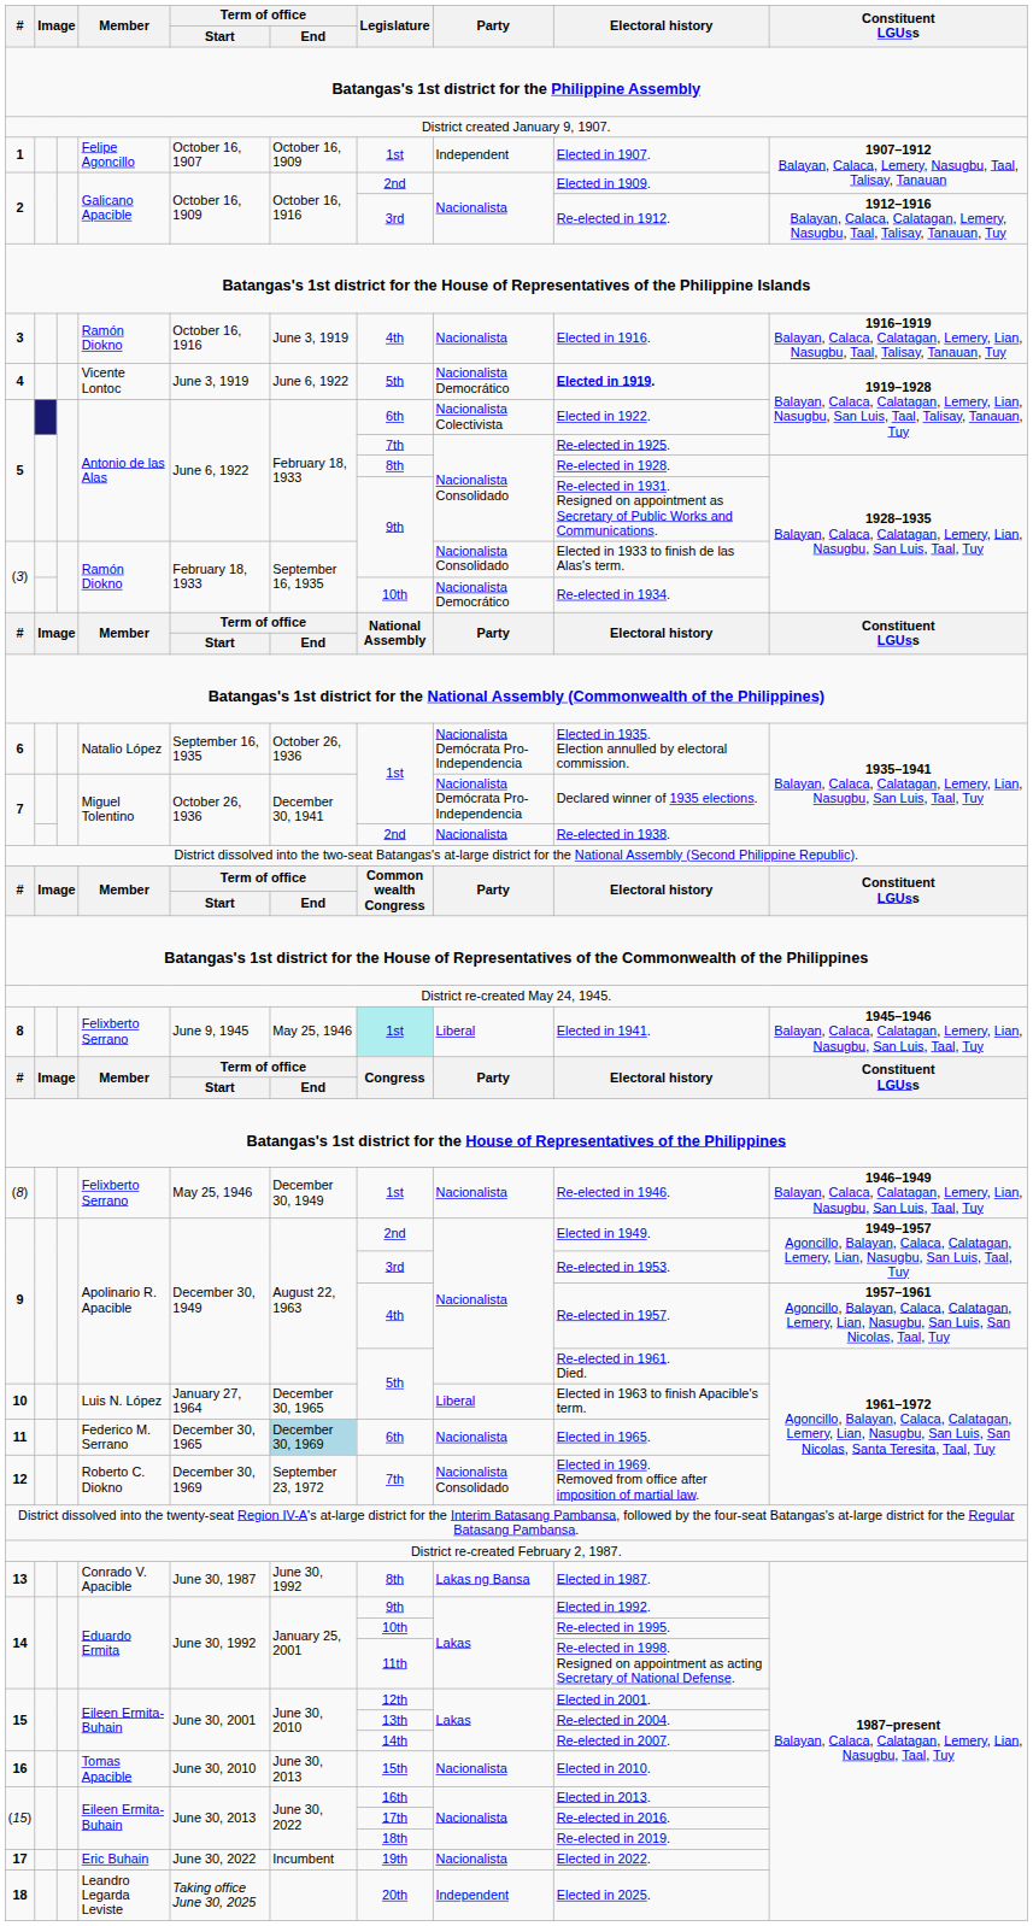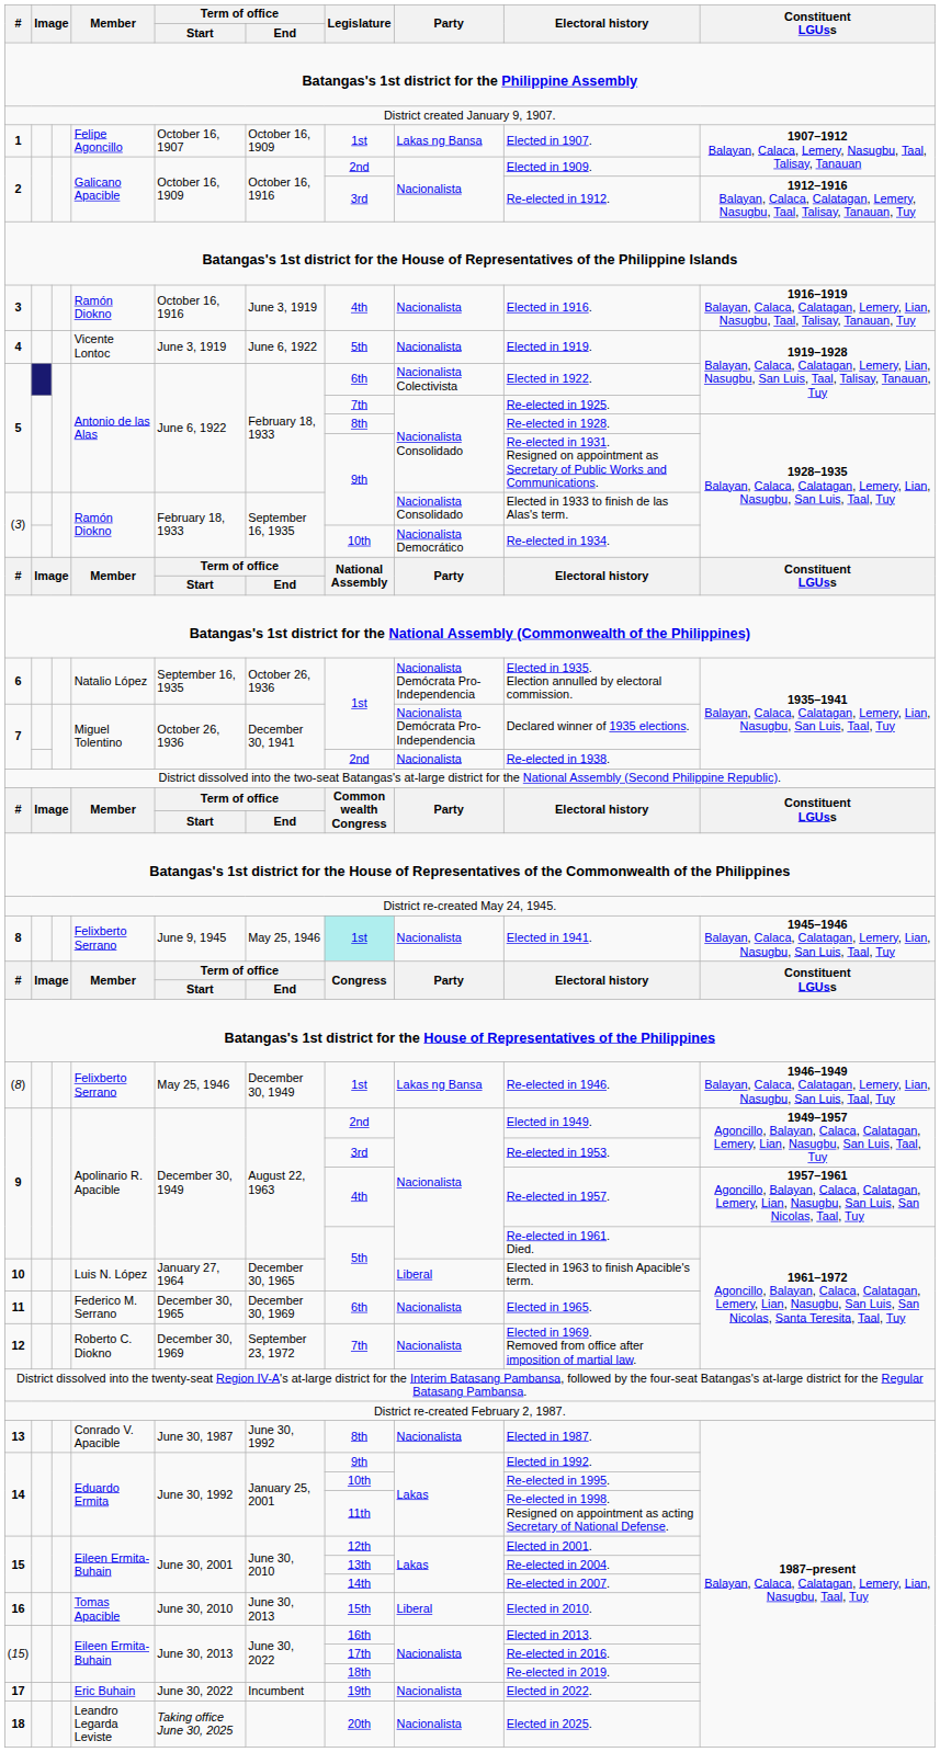 <table class=wikitable>
 <tr>
 <th rowspan="2">#</th>
 <th rowspan="2" colspan=2>Image</th>
 <th rowspan="2">Member</th>
 <th colspan=2>Term of office</th>
 <th rowspan="2">Legislature</th>
 <th rowspan="2">Party</th>
 <th rowspan="2">Electoral history</th>
 <th rowspan="2">Constituent<br><a href='#'>LGUs</a>s</th>
 </tr>
 <tr>
 <th>Start</th>
 <th>End</th>
 </tr>
 <tr>
 <td colspan="10" style="text-align:center;"><br><h3>Batangas's 1st district for the <a href='#'>Philippine Assembly</a></h3></td>
 </tr>
 <tr>
 <td colspan="10" align=center>District created January 9, 1907.</td>
 </tr>
 <tr>
 <td style="text-align:center;"><strong>1</strong></td>
 <td style="color:inherit;background:"></td>
 <td></td>
 <td><a href='#'>Felipe Agoncillo</a></td>
 <td>October 16, 1907</td>
 <td>October 16, 1909</td>
 <td style="text-align:center;"><a href='#'>1st</a></td>
-<td>Independent</td>
+<td><a href='#'>Lakas ng Bansa</a></td>
 <td><a href='#'>Elected in 1907</a>.</td>
 <td rowspan="2" style="text-align:center;"><strong>1907–1912</strong><br><a href='#'>Balayan</a>, <a href='#'>Calaca</a>, <a href='#'>Lemery</a>, <a href='#'>Nasugbu</a>, <a href='#'>Taal</a>, <a href='#'>Talisay</a>, <a href='#'>Tanauan</a></td>
 </tr>
 <tr>
 <td rowspan="2" style="text-align:center;"><strong>2</strong></td>
 <td rowspan="2" style="color:inherit;background:"></td>
 <td rowspan="2"></td>
 <td rowspan="2"><a href='#'>Galicano Apacible</a></td>
 <td rowspan="2">October 16, 1909</td>
 <td rowspan="2">October 16, 1916</td>
 <td style="text-align:center;"><a href='#'>2nd</a></td>
 <td rowspan="2"><a href='#'>Nacionalista</a></td>
 <td><a href='#'>Elected in 1909</a>.</td>
 </tr>
 <tr>
 <td style="text-align:center;"><a href='#'>3rd</a></td>
 <td><a href='#'>Re-elected in 1912</a>.</td>
 <td style="text-align:center;"><strong>1912–1916</strong><br><a href='#'>Balayan</a>, <a href='#'>Calaca</a>, <a href='#'>Calatagan</a>, <a href='#'>Lemery</a>, <a href='#'>Nasugbu</a>, <a href='#'>Taal</a>, <a href='#'>Talisay</a>, <a href='#'>Tanauan</a>, <a href='#'>Tuy</a></td>
 </tr>
 <tr>
 <td colspan="10" style="text-align:center;"><br><h3>Batangas's 1st district for the House of Representatives of the Philippine Islands</h3></td>
 </tr>
 <tr>
 <td style="text-align:center;"><strong>3</strong></td>
 <td style="color:inherit;background:"></td>
 <td></td>
 <td><a href='#'>Ramón Diokno</a></td>
 <td>October 16, 1916</td>
 <td>June 3, 1919</td>
 <td style="text-align:center;"><a href='#'>4th</a></td>
 <td><a href='#'>Nacionalista</a></td>
 <td><a href='#'>Elected in 1916</a>.</td>
 <td style="text-align:center;"><strong>1916–1919</strong><br><a href='#'>Balayan</a>, <a href='#'>Calaca</a>, <a href='#'>Calatagan</a>, <a href='#'>Lemery</a>, <a href='#'>Lian</a>, <a href='#'>Nasugbu</a>, <a href='#'>Taal</a>, <a href='#'>Talisay</a>, <a href='#'>Tanauan</a>, <a href='#'>Tuy</a></td>
 </tr>
 <tr>
 <td style="text-align:center;"><strong>4</strong></td>
 <td style="color:inherit;background:"></td>
 <td></td>
 <td>Vicente Lontoc</td>
 <td>June 3, 1919</td>
 <td>June 6, 1922</td>
 <td style="text-align:center;"><a href='#'>5th</a></td>
-<td><a href='#'>Nacionalista</a><br>Democrático</td>
-<td><strong><a href='#'>Elected in 1919</a>.</strong></td>
+<td><a href='#'>Nacionalista</a></td>
+<td><a href='#'>Elected in 1919</a>.</td>
 <td rowspan="3" style="text-align:center;"><strong>1919–1928</strong><br><a href='#'>Balayan</a>, <a href='#'>Calaca</a>, <a href='#'>Calatagan</a>, <a href='#'>Lemery</a>, <a href='#'>Lian</a>, <a href='#'>Nasugbu</a>, <a href='#'>San Luis</a>, <a href='#'>Taal</a>, <a href='#'>Talisay</a>, <a href='#'>Tanauan</a>, <a href='#'>Tuy</a></td>
 </tr>
 <tr>
 <td rowspan="4" style="text-align:center;"><strong>5</strong></td>
 <td style="background-color:#191970"></td>
 <td rowspan="4"></td>
 <td rowspan="4"><a href='#'>Antonio de las Alas</a></td>
 <td rowspan="4">June 6, 1922</td>
 <td rowspan="4">February 18, 1933</td>
 <td style="text-align:center;"><a href='#'>6th</a></td>
 <td><a href='#'>Nacionalista</a><br>Colectivista</td>
 <td><a href='#'>Elected in 1922</a>.</td>
 </tr>
 <tr>
 <td rowspan="3" style="color:inherit;background:"></td>
 <td style="text-align:center;"><a href='#'>7th</a></td>
 <td rowspan="3"><a href='#'>Nacionalista</a><br>Consolidado</td>
 <td><a href='#'>Re-elected in 1925</a>.</td>
 </tr>
 <tr>
 <td style="text-align:center;"><a href='#'>8th</a></td>
 <td><a href='#'>Re-elected in 1928</a>.</td>
 <td rowspan="4" style="text-align:center;"><strong>1928–1935</strong><br><a href='#'>Balayan</a>, <a href='#'>Calaca</a>, <a href='#'>Calatagan</a>, <a href='#'>Lemery</a>, <a href='#'>Lian</a>, <a href='#'>Nasugbu</a>, <a href='#'>San Luis</a>, <a href='#'>Taal</a>, <a href='#'>Tuy</a></td>
 </tr>
 <tr>
 <td rowspan="2" style="text-align:center;"><a href='#'>9th</a></td>
 <td><a href='#'>Re-elected in 1931</a>.<br>Resigned on appointment as <a href='#'>Secretary of Public Works and Communications</a>.</td>
 </tr>
 <tr>
 <td rowspan="2" style="text-align:center;">(<em>3</em>)</td>
 <td style="color:inherit;background:"></td>
 <td rowspan="2"></td>
 <td rowspan="2"><a href='#'>Ramón Diokno</a></td>
 <td rowspan="2">February 18, 1933</td>
 <td rowspan="2">September 16, 1935</td>
 <td><a href='#'>Nacionalista</a><br>Consolidado</td>
 <td>Elected in 1933 to finish de las Alas's term.</td>
 </tr>
 <tr>
 <td style="color:inherit;background:"></td>
 <td style="text-align:center;"><a href='#'>10th</a></td>
 <td><a href='#'>Nacionalista</a><br>Democrático</td>
 <td><a href='#'>Re-elected in 1934</a>.</td>
 </tr>
 <tr>
 <th rowspan="2">#</th>
 <th rowspan="2" colspan=2>Image</th>
 <th rowspan="2">Member</th>
 <th colspan=2>Term of office</th>
 <th rowspan="2">National<br>Assembly</th>
 <th rowspan="2">Party</th>
 <th rowspan="2">Electoral history</th>
 <th rowspan="2">Constituent<br><a href='#'>LGUs</a>s</th>
 </tr>
 <tr>
 <th>Start</th>
 <th>End</th>
 </tr>
 <tr>
 <td colspan="10" style="text-align:center;"><br><h3>Batangas's 1st district for the <a href='#'>National Assembly (Commonwealth of the Philippines)</a></h3></td>
 </tr>
 <tr>
 <td style="text-align:center;"><strong>6</strong></td>
 <td style="color:inherit;background:"></td>
 <td></td>
 <td>Natalio López</td>
 <td>September 16, 1935</td>
 <td>October 26, 1936</td>
 <td rowspan="2" style="text-align:center;"><a href='#'>1st</a></td>
 <td><a href='#'>Nacionalista</a><br>Demócrata Pro-Independencia</td>
 <td><a href='#'>Elected in 1935</a>.<br>Election annulled by electoral commission.</td>
 <td rowspan="3" style="text-align:center;"><strong>1935–1941</strong><br><a href='#'>Balayan</a>, <a href='#'>Calaca</a>, <a href='#'>Calatagan</a>, <a href='#'>Lemery</a>, <a href='#'>Lian</a>, <a href='#'>Nasugbu</a>, <a href='#'>San Luis</a>, <a href='#'>Taal</a>, <a href='#'>Tuy</a></td>
 </tr>
 <tr>
 <td rowspan="2" style="text-align:center;"><strong>7</strong></td>
 <td style="color:inherit;background:"></td>
 <td rowspan="2"></td>
 <td rowspan="2">Miguel Tolentino</td>
 <td rowspan="2">October 26, 1936</td>
 <td rowspan="2">December 30, 1941</td>
 <td><a href='#'>Nacionalista</a><br>Demócrata Pro-Independencia</td>
 <td>Declared winner of <a href='#'>1935 elections</a>.</td>
 </tr>
 <tr>
 <td style="color:inherit;background:"></td>
 <td style="text-align:center;"><a href='#'>2nd</a></td>
 <td><a href='#'>Nacionalista</a></td>
 <td><a href='#'>Re-elected in 1938</a>.</td>
 </tr>
 <tr>
 <td colspan="10" style="text-align:center;">District dissolved into the two-seat Batangas's at-large district for the <a href='#'>National Assembly (Second Philippine Republic)</a>.</td>
 </tr>
 <tr>
 <th rowspan="2">#</th>
 <th rowspan="2" colspan=2>Image</th>
 <th rowspan="2">Member</th>
 <th colspan=2>Term of office</th>
 <th rowspan="2">Common<br>wealth<br>Congress</th>
 <th rowspan="2">Party</th>
 <th rowspan="2">Electoral history</th>
 <th rowspan="2">Constituent<br><a href='#'>LGUs</a>s</th>
 </tr>
 <tr>
 <th>Start</th>
 <th>End</th>
 </tr>
 <tr>
 <td colspan="10" style="text-align:center;"><br><h3>Batangas's 1st district for the House of Representatives of the Commonwealth of the Philippines</h3></td>
 </tr>
 <tr>
 <td colspan="10" style="text-align:center;">District re-created May 24, 1945.</td>
 </tr>
 <tr>
 <td style="text-align:center;"><strong>8</strong></td>
 <td style="color:inherit;background:"></td>
 <td></td>
 <td><a href='#'>Felixberto Serrano</a></td>
 <td>June 9, 1945</td>
 <td>May 25, 1946</td>
 <td style="background: paleturquoise; text-align:center;"><a href='#'>1st</a></td>
-<td><a href='#'>Liberal</a></td>
+<td><a href='#'>Nacionalista</a></td>
 <td><a href='#'>Elected in 1941</a>.</td>
 <td style="text-align:center;"><strong>1945–1946</strong><br><a href='#'>Balayan</a>, <a href='#'>Calaca</a>, <a href='#'>Calatagan</a>, <a href='#'>Lemery</a>, <a href='#'>Lian</a>, <a href='#'>Nasugbu</a>, <a href='#'>San Luis</a>, <a href='#'>Taal</a>, <a href='#'>Tuy</a></td>
 </tr>
 <tr>
 <th rowspan="2">#</th>
 <th rowspan="2" colspan=2>Image</th>
 <th rowspan="2">Member</th>
 <th colspan=2>Term of office</th>
 <th rowspan="2">Congress</th>
 <th rowspan="2">Party</th>
 <th rowspan="2">Electoral history</th>
 <th rowspan="2">Constituent<br><a href='#'>LGUs</a>s</th>
 </tr>
 <tr>
 <th>Start</th>
 <th>End</th>
 </tr>
 <tr>
 <td colspan="10" style="text-align:center;"><br><h3>Batangas's 1st district for the <a href='#'>House of Representatives of the Philippines</a></h3></td>
 </tr>
 <tr>
 <td style="text-align:center;">(<em>8</em>)</td>
 <td style="color:inherit;background:"></td>
 <td></td>
 <td><a href='#'>Felixberto Serrano</a></td>
 <td>May 25, 1946</td>
 <td>December 30, 1949</td>
 <td style="text-align:center;"><a href='#'>1st</a></td>
-<td><a href='#'>Nacionalista</a></td>
+<td><a href='#'>Lakas ng Bansa</a></td>
 <td><a href='#'>Re-elected in 1946</a>.<br></td>
 <td style="text-align:center;"><strong>1946–1949</strong><br><a href='#'>Balayan</a>, <a href='#'>Calaca</a>, <a href='#'>Calatagan</a>, <a href='#'>Lemery</a>, <a href='#'>Lian</a>, <a href='#'>Nasugbu</a>, <a href='#'>San Luis</a>, <a href='#'>Taal</a>, <a href='#'>Tuy</a></td>
 </tr>
 <tr>
 <td rowspan="4" style="text-align:center;"><strong>9</strong></td>
 <td rowspan="4" style="color:inherit;background:"></td>
 <td rowspan="4"></td>
 <td rowspan="4">Apolinario R. Apacible</td>
 <td rowspan="4">December 30, 1949</td>
 <td rowspan="4">August 22, 1963</td>
 <td style="text-align:center;"><a href='#'>2nd</a></td>
 <td rowspan="4"><a href='#'>Nacionalista</a></td>
 <td><a href='#'>Elected in 1949</a>.</td>
 <td rowspan="2" style="text-align:center;"><strong>1949–1957</strong><br><a href='#'>Agoncillo</a>, <a href='#'>Balayan</a>, <a href='#'>Calaca</a>, <a href='#'>Calatagan</a>, <a href='#'>Lemery</a>, <a href='#'>Lian</a>, <a href='#'>Nasugbu</a>, <a href='#'>San Luis</a>, <a href='#'>Taal</a>, <a href='#'>Tuy</a></td>
 </tr>
 <tr>
 <td style="text-align:center;"><a href='#'>3rd</a></td>
 <td><a href='#'>Re-elected in 1953</a>.</td>
 </tr>
 <tr>
 <td style="text-align:center;"><a href='#'>4th</a></td>
 <td><a href='#'>Re-elected in 1957</a>.</td>
 <td style="text-align:center;"><strong>1957–1961</strong><br><a href='#'>Agoncillo</a>, <a href='#'>Balayan</a>, <a href='#'>Calaca</a>, <a href='#'>Calatagan</a>, <a href='#'>Lemery</a>, <a href='#'>Lian</a>, <a href='#'>Nasugbu</a>, <a href='#'>San Luis</a>, <a href='#'>San Nicolas</a>, <a href='#'>Taal</a>, <a href='#'>Tuy</a></td>
 </tr>
 <tr>
 <td rowspan="2" style="text-align:center;"><a href='#'>5th</a></td>
 <td><a href='#'>Re-elected in 1961</a>.<br>Died.</td>
 <td rowspan="4" style="text-align:center;"><strong>1961–1972</strong><br><a href='#'>Agoncillo</a>, <a href='#'>Balayan</a>, <a href='#'>Calaca</a>, <a href='#'>Calatagan</a>, <a href='#'>Lemery</a>, <a href='#'>Lian</a>, <a href='#'>Nasugbu</a>, <a href='#'>San Luis</a>, <a href='#'>San Nicolas</a>, <a href='#'>Santa Teresita</a>, <a href='#'>Taal</a>, <a href='#'>Tuy</a></td>
 </tr>
 <tr>
 <td style="text-align:center;"><strong>10</strong></td>
 <td style="color:inherit;background:"></td>
 <td></td>
 <td>Luis N. López</td>
 <td>January 27, 1964</td>
 <td>December 30, 1965</td>
 <td><a href='#'>Liberal</a></td>
 <td>Elected in 1963 to finish Apacible's term.</td>
 </tr>
 <tr>
 <td style="text-align:center;"><strong>11</strong></td>
 <td style="color:inherit;background:"></td>
 <td></td>
 <td>Federico M. Serrano</td>
 <td>December 30, 1965</td>
-<td style="background: lightblue;">December 30, 1969</td>
+<td>December 30, 1969</td>
 <td style="text-align:center;"><a href='#'>6th</a></td>
 <td><a href='#'>Nacionalista</a></td>
 <td><a href='#'>Elected in 1965</a>.</td>
 </tr>
 <tr>
 <td style="text-align:center;"><strong>12</strong></td>
 <td style="color:inherit;background:"></td>
 <td></td>
 <td>Roberto C. Diokno</td>
 <td>December 30, 1969</td>
 <td>September 23, 1972</td>
 <td style="text-align:center;"><a href='#'>7th</a></td>
-<td><a href='#'>Nacionalista</a><br>Consolidado</td>
+<td><a href='#'>Nacionalista</a></td>
 <td><a href='#'>Elected in 1969</a>.<br>Removed from office after <a href='#'>imposition of martial law</a>.</td>
 </tr>
 <tr>
 <td colspan="10" style="text-align:center;">District dissolved into the twenty-seat <a href='#'>Region IV-A</a>'s at-large district for the <a href='#'>Interim Batasang Pambansa</a>, followed by the four-seat Batangas's at-large district for the <a href='#'>Regular Batasang Pambansa</a>.</td>
 </tr>
 <tr>
 <td colspan="10" style="text-align:center;">District re-created February 2, 1987.</td>
 </tr>
 <tr>
 <td style="text-align:center;"><strong>13</strong></td>
 <td style="color:inherit;background:"></td>
 <td></td>
 <td>Conrado V. Apacible</td>
 <td>June 30, 1987</td>
 <td>June 30, 1992</td>
 <td style="text-align:center;"><a href='#'>8th</a></td>
-<td><a href='#'>Lakas ng Bansa</a></td>
+<td><a href='#'>Nacionalista</a></td>
 <td><a href='#'>Elected in 1987</a>.</td>
 <td rowspan="13" style="text-align:center;"><strong>1987–present</strong><br><a href='#'>Balayan</a>, <a href='#'>Calaca</a>, <a href='#'>Calatagan</a>, <a href='#'>Lemery</a>, <a href='#'>Lian</a>, <a href='#'>Nasugbu</a>, <a href='#'>Taal</a>, <a href='#'>Tuy</a></td>
 </tr>
 <tr>
 <td rowspan="3" style="text-align:center;"><strong>14</strong></td>
 <td rowspan="3" style="color:inherit;background:"></td>
 <td rowspan="3"></td>
 <td rowspan="3"><a href='#'>Eduardo Ermita</a></td>
 <td rowspan="3">June 30, 1992</td>
 <td rowspan="3">January 25, 2001</td>
 <td style="text-align:center;"><a href='#'>9th</a></td>
 <td rowspan="3"><a href='#'>Lakas</a></td>
 <td><a href='#'>Elected in 1992</a>.</td>
 </tr>
 <tr>
 <td style="text-align:center;"><a href='#'>10th</a></td>
 <td><a href='#'>Re-elected in 1995</a>.</td>
 </tr>
 <tr>
 <td style="text-align:center;"><a href='#'>11th</a></td>
 <td><a href='#'>Re-elected in 1998</a>.<br>Resigned on appointment as acting <a href='#'>Secretary of National Defense</a>.</td>
 </tr>
 <tr>
 <td rowspan="3" style="text-align:center;"><strong>15</strong></td>
 <td rowspan="3" style="color:inherit;background:"></td>
 <td rowspan="3"></td>
 <td rowspan="3"><a href='#'>Eileen Ermita-Buhain</a></td>
 <td rowspan="3">June 30, 2001</td>
 <td rowspan="3">June 30, 2010</td>
 <td style="text-align:center;"><a href='#'>12th</a></td>
 <td rowspan="3"><a href='#'>Lakas</a></td>
 <td><a href='#'>Elected in 2001</a>.</td>
 </tr>
 <tr>
 <td style="text-align:center;"><a href='#'>13th</a></td>
 <td><a href='#'>Re-elected in 2004</a>.</td>
 </tr>
 <tr>
 <td style="text-align:center;"><a href='#'>14th</a></td>
 <td><a href='#'>Re-elected in 2007</a>.</td>
 </tr>
 <tr>
 <td style="text-align:center;"><strong>16</strong></td>
 <td style="color:inherit;background:"></td>
 <td></td>
 <td><a href='#'>Tomas Apacible</a></td>
 <td>June 30, 2010</td>
 <td>June 30, 2013</td>
 <td style="text-align:center;"><a href='#'>15th</a></td>
-<td><a href='#'>Nacionalista</a></td>
+<td><a href='#'>Liberal</a></td>
 <td><a href='#'>Elected in 2010</a>.</td>
 </tr>
 <tr>
 <td rowspan="3" style="text-align:center;">(<em>15</em>)</td>
 <td rowspan="3" style="color:inherit;background:"></td>
 <td rowspan="3"></td>
 <td rowspan="3"><a href='#'>Eileen Ermita-Buhain</a></td>
 <td rowspan="3">June 30, 2013</td>
 <td rowspan="3">June 30, 2022</td>
 <td style="text-align:center;"><a href='#'>16th</a></td>
 <td rowspan="3"><a href='#'>Nacionalista</a></td>
 <td><a href='#'>Elected in 2013</a>.</td>
 </tr>
 <tr>
 <td style="text-align:center;"><a href='#'>17th</a></td>
 <td><a href='#'>Re-elected in 2016</a>.</td>
 </tr>
 <tr>
 <td style="text-align:center;"><a href='#'>18th</a></td>
 <td><a href='#'>Re-elected in 2019</a>.</td>
 </tr>
 <tr>
 <td style="text-align:center;"><strong>17</strong></td>
 <td style="color:inherit;background:"></td>
 <td></td>
 <td><a href='#'>Eric Buhain</a></td>
 <td>June 30, 2022</td>
 <td>Incumbent</td>
 <td style="text-align:center;"><a href='#'>19th</a></td>
 <td><a href='#'>Nacionalista</a></td>
 <td><a href='#'>Elected in 2022</a>.</td>
 </tr>
 <tr>
 <td style="text-align:center;"><strong>18</strong></td>
 <td style="color:inherit;background:"></td>
 <td></td>
 <td>Leandro Legarda Leviste</td>
 <td><em>Taking office June 30, 2025</em></td>
 <td></td>
 <td style="text-align:center;"><a href='#'>20th</a></td>
-<td><a href='#'>Independent</a></td>
+<td><a href='#'>Nacionalista</a></td>
 <td><a href='#'>Elected in 2025</a>.</td>
 </tr>
 </table>
